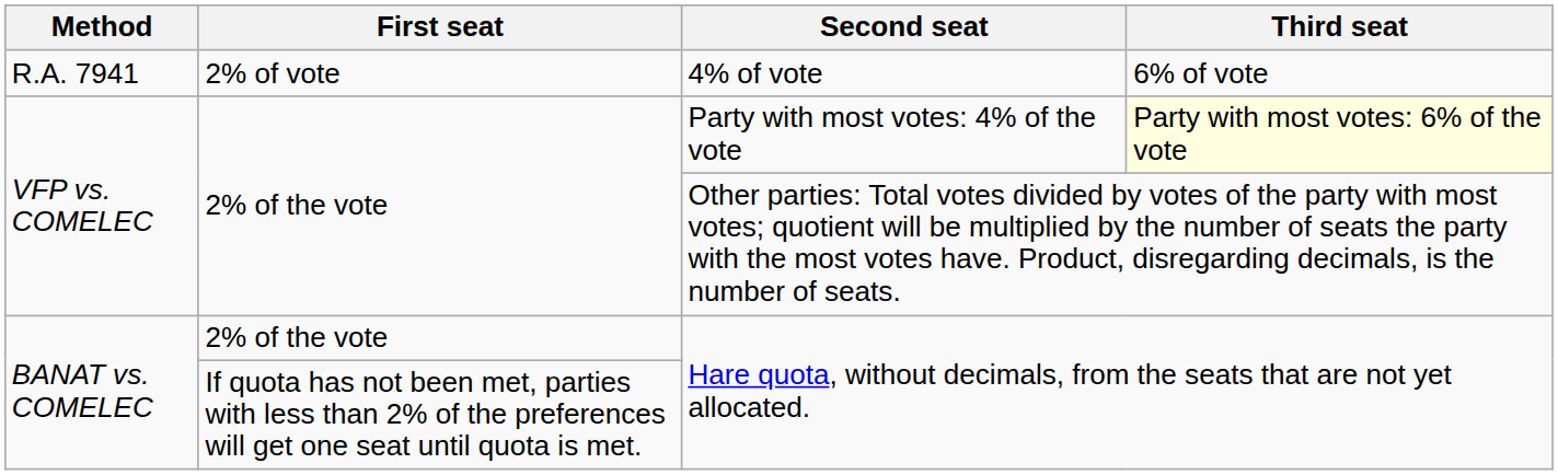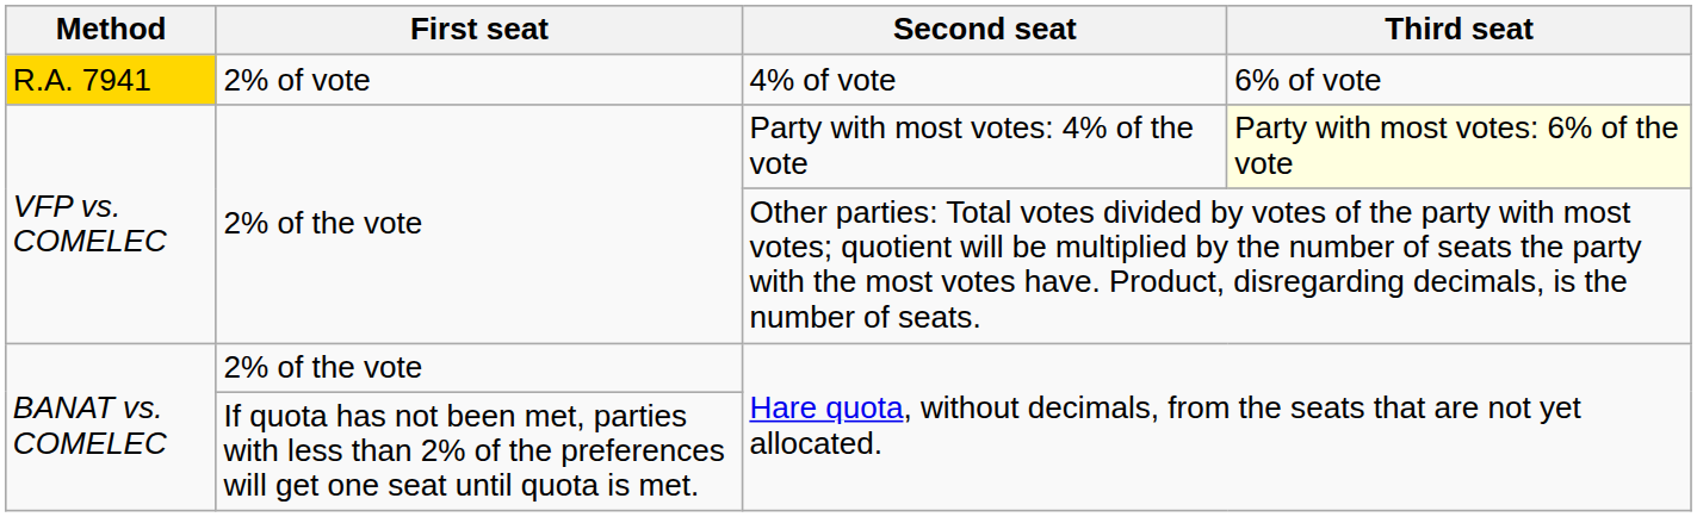 <table class=wikitable>
 <tr>
 <th>Method</th>
 <th>First seat</th>
 <th>Second seat</th>
 <th>Third seat</th>
 </tr>
 <tr>
-<td>R.A. 7941</td>
+<td style="background: gold;">R.A. 7941</td>
 <td>2% of vote</td>
 <td>4% of vote</td>
 <td>6% of vote</td>
 </tr>
 <tr>
 <td rowspan=2><em>VFP vs. COMELEC</em></td>
 <td rowspan=2>2% of the vote</td>
 <td>Party with most votes: 4% of the vote</td>
 <td style="background: lightyellow;">Party with most votes: 6% of the vote</td>
 </tr>
 <tr>
 <td colspan=2>Other parties: Total votes divided by votes of the party with most votes; quotient will be multiplied by the number of seats the party with the most votes have. Product, disregarding decimals, is the number of seats.</td>
 </tr>
 <tr>
 <td rowspan=2><em>BANAT vs. COMELEC</em></td>
 <td>2% of the vote</td>
 <td colspan=2 rowspan=2><a href='#'>Hare quota</a>, without decimals, from the seats that are not yet allocated.</td>
 </tr>
 <tr>
 <td>If quota has not been met, parties with less than 2% of the preferences will get one seat until quota is met.</td>
 </tr>
 </table>
